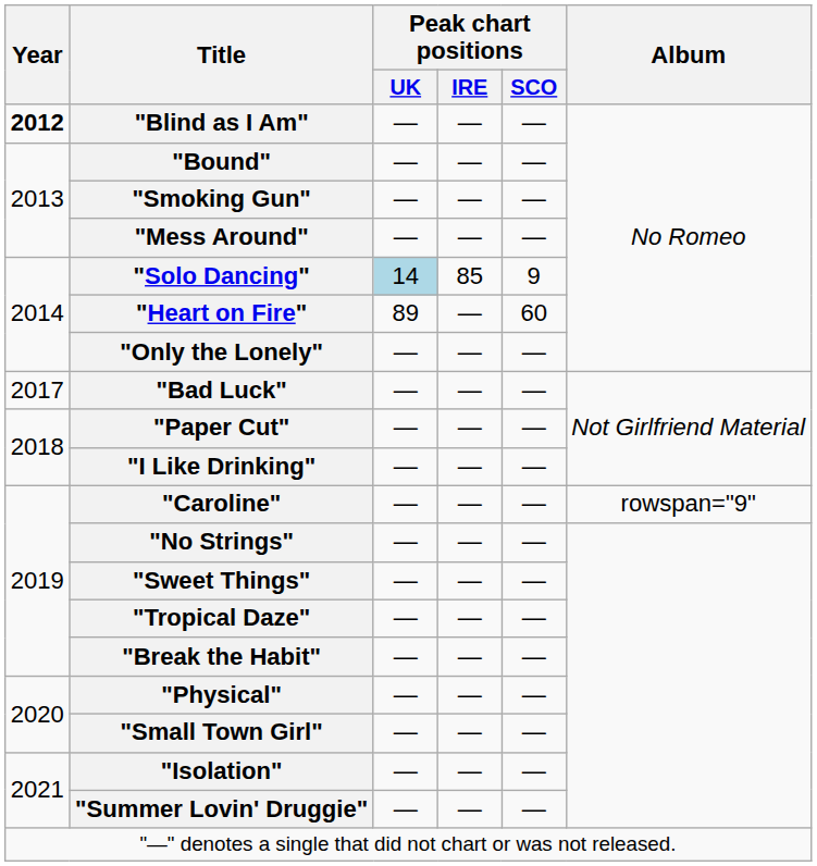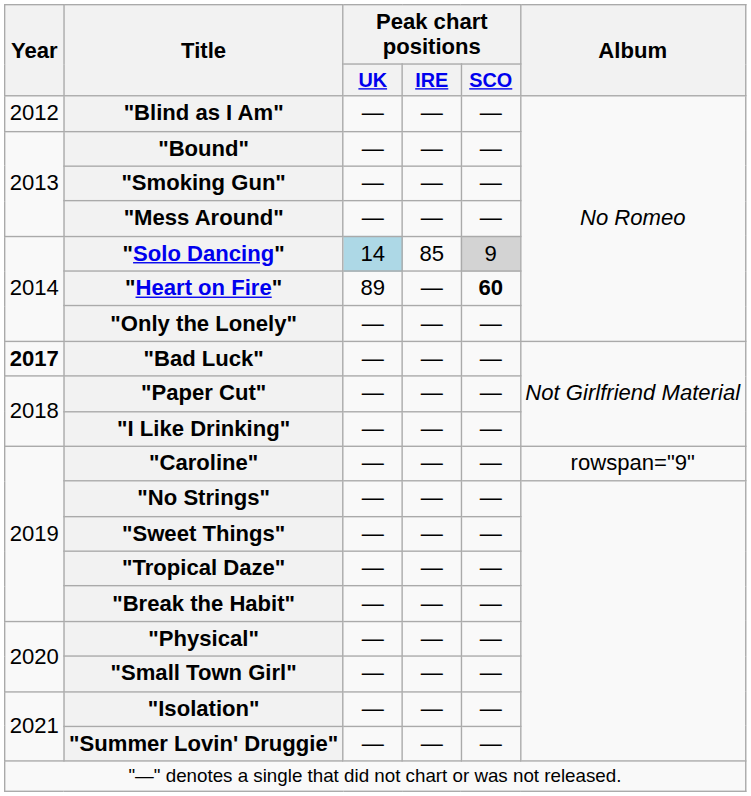 <table class="wikitable plainrowheaders" style="text-align:center;">
 <tr>
 <th scope="col" rowspan="2">Year</th>
 <th scope="col" rowspan="2">Title</th>
 <th scope="col" colspan="3">Peak chart positions</th>
 <th scope="col" rowspan="2">Album</th>
 </tr>
 <tr>
 <th scope="col" style="width:2.5em;font-size:90%;"><a href='#'>UK</a><br></th>
 <th scope="col" style="width:2.5em;font-size:90%;"><a href='#'>IRE</a><br></th>
 <th scope="col" style="width:2.5em;font-size:90%;"><a href='#'>SCO</a><br></th>
 </tr>
 <tr>
-<td><strong>2012</strong></td>
+<td>2012</td>
 <th scope="row">"Blind as I Am"</th>
 <td>—</td>
 <td>—</td>
 <td>—</td>
 <td rowspan="7"><em>No Romeo</em></td>
 </tr>
 <tr>
 <td rowspan="3">2013</td>
 <th scope="row">"Bound"</th>
 <td>—</td>
 <td>—</td>
 <td>—</td>
 </tr>
 <tr>
 <th scope="row">"Smoking Gun"</th>
 <td>—</td>
 <td>—</td>
 <td>—</td>
 </tr>
 <tr>
 <th scope="row">"Mess Around"</th>
 <td>—</td>
 <td>—</td>
 <td>—</td>
 </tr>
 <tr>
 <td rowspan="3">2014</td>
 <th scope="row">"<a href='#'>Solo Dancing</a>"</th>
 <td style="background: lightblue;">14</td>
 <td>85</td>
-<td>9</td>
+<td style="background: lightgrey;">9</td>
 </tr>
 <tr>
 <th scope="row">"<a href='#'>Heart on Fire</a>"</th>
 <td>89</td>
 <td>—</td>
-<td>60</td>
+<td><strong>60</strong></td>
 </tr>
 <tr>
 <th scope="row">"Only the Lonely"</th>
 <td>—</td>
 <td>—</td>
 <td>—</td>
 </tr>
 <tr>
-<td>2017</td>
+<td><strong>2017</strong></td>
 <th scope="row">"Bad Luck"</th>
 <td>—</td>
 <td>—</td>
 <td>—</td>
 <td rowspan="3"><em>Not Girlfriend Material</em></td>
 </tr>
 <tr>
 <td rowspan="2">2018</td>
 <th scope="row">"Paper Cut"</th>
 <td>—</td>
 <td>—</td>
 <td>—</td>
 </tr>
 <tr>
 <th scope="row">"I Like Drinking"</th>
 <td>—</td>
 <td>—</td>
 <td>—</td>
 </tr>
 <tr>
 <td rowspan="5">2019</td>
 <th scope="row">"Caroline"</th>
 <td>—</td>
 <td>—</td>
 <td>—</td>
 <td>rowspan="9" </td>
 </tr>
 <tr>
 <th scope="row">"No Strings"</th>
 <td>—</td>
 <td>—</td>
 <td>—</td>
 </tr>
 <tr>
 <th scope="row">"Sweet Things"</th>
 <td>—</td>
 <td>—</td>
 <td>—</td>
 </tr>
 <tr>
 <th scope="row">"Tropical Daze"</th>
 <td>—</td>
 <td>—</td>
 <td>—</td>
 </tr>
 <tr>
 <th scope="row">"Break the Habit"</th>
 <td>—</td>
 <td>—</td>
 <td>—</td>
 </tr>
 <tr>
 <td rowspan="2">2020</td>
 <th scope="row">"Physical"</th>
 <td>—</td>
 <td>—</td>
 <td>—</td>
 </tr>
 <tr>
 <th scope="row">"Small Town Girl"</th>
 <td>—</td>
 <td>—</td>
 <td>—</td>
 </tr>
 <tr>
 <td rowspan="2">2021</td>
 <th scope="row">"Isolation"</th>
 <td>—</td>
 <td>—</td>
 <td>—</td>
 </tr>
 <tr>
 <th scope="row">"Summer Lovin' Druggie"</th>
 <td>—</td>
 <td>—</td>
 <td>—</td>
 </tr>
 <tr>
 <td colspan="19" style="font-size:85%">"—" denotes a single that did not chart or was not released.</td>
 </tr>
 </table>
